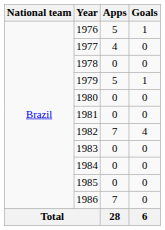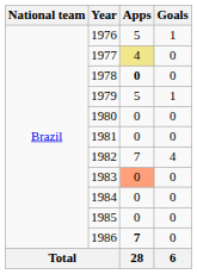 <table class="wikitable" style="text-align:center">
 <tr>
 <th>National team</th>
 <th>Year</th>
 <th>Apps</th>
 <th>Goals</th>
 </tr>
 <tr>
 <td rowspan="11"><a href='#'>Brazil</a></td>
 <td>1976</td>
 <td>5</td>
 <td>1</td>
 </tr>
 <tr>
 <td>1977</td>
-<td>4</td>
+<td style="background: khaki;">4</td>
 <td>0</td>
 </tr>
 <tr>
 <td>1978</td>
-<td>0</td>
+<td><strong>0</strong></td>
 <td>0</td>
 </tr>
 <tr>
 <td>1979</td>
 <td>5</td>
 <td>1</td>
 </tr>
 <tr>
 <td>1980</td>
 <td>0</td>
 <td>0</td>
 </tr>
 <tr>
 <td>1981</td>
 <td>0</td>
 <td>0</td>
 </tr>
 <tr>
 <td>1982</td>
 <td>7</td>
 <td>4</td>
 </tr>
 <tr>
 <td>1983</td>
-<td>0</td>
+<td style="background: lightsalmon;">0</td>
 <td>0</td>
 </tr>
 <tr>
 <td>1984</td>
 <td>0</td>
 <td>0</td>
 </tr>
 <tr>
 <td>1985</td>
 <td>0</td>
 <td>0</td>
 </tr>
 <tr>
 <td>1986</td>
-<td>7</td>
+<td><strong>7</strong></td>
 <td>0</td>
 </tr>
 <tr>
 <th colspan="2">Total</th>
 <th>28</th>
 <th>6</th>
 </tr>
 </table>
